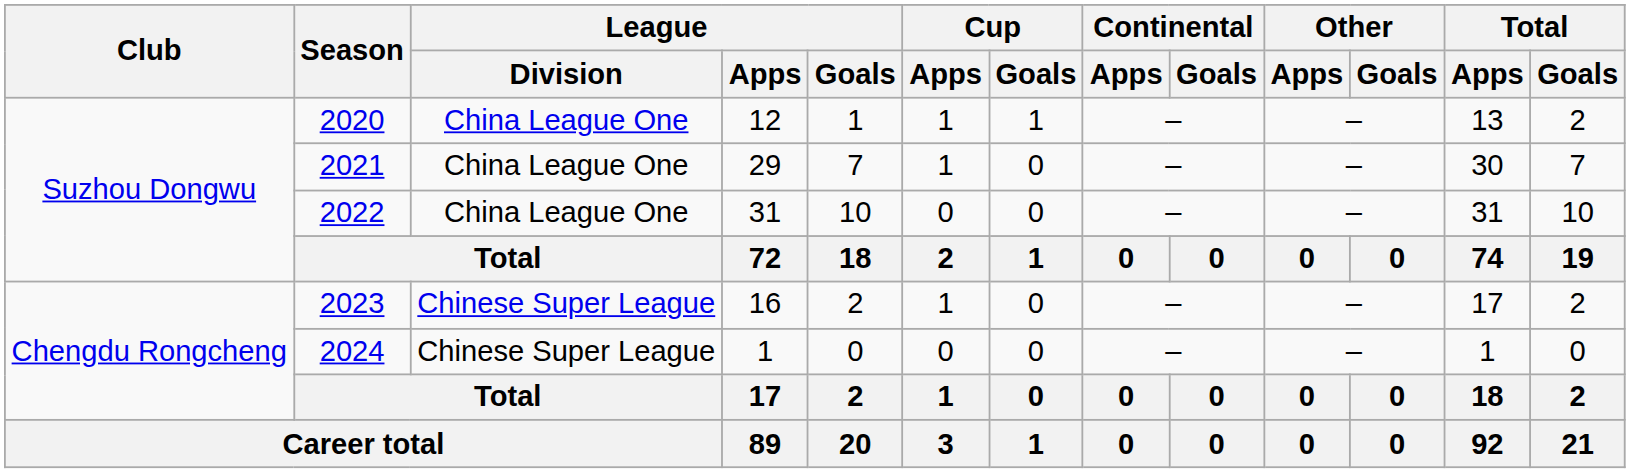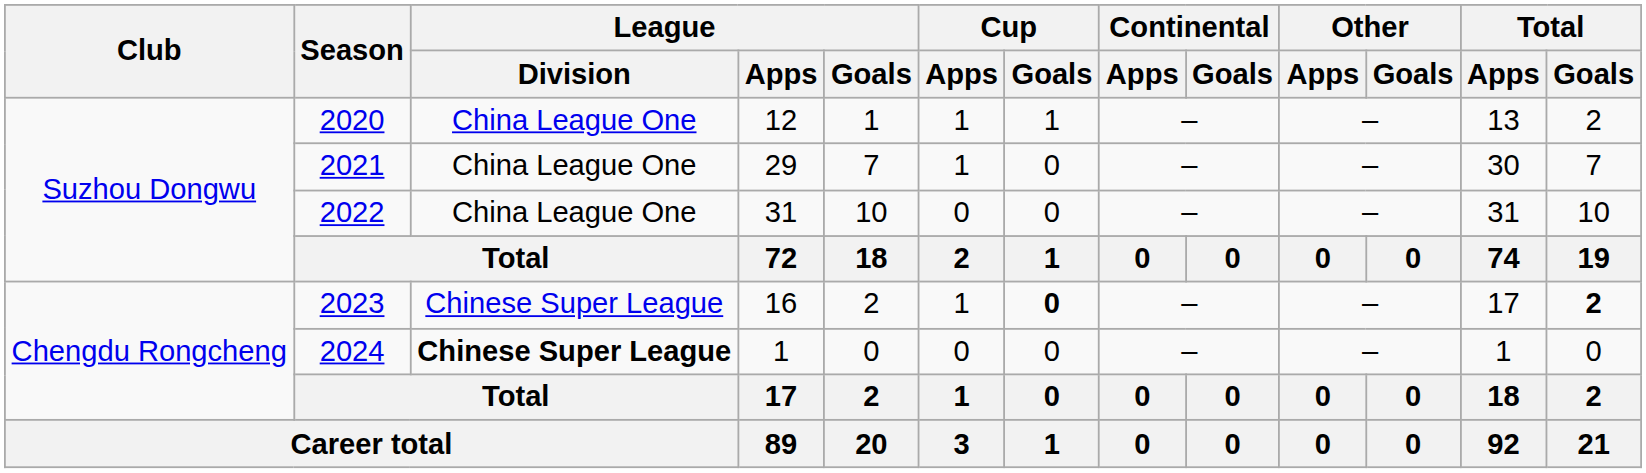 <table class="wikitable" style="text-align: center">
 <tr>
 <th rowspan="2">Club</th>
 <th rowspan="2">Season</th>
 <th colspan="3">League</th>
 <th colspan="2">Cup</th>
 <th colspan="2">Continental</th>
 <th colspan="2">Other</th>
 <th colspan="2">Total</th>
 </tr>
 <tr>
 <th>Division</th>
 <th>Apps</th>
 <th>Goals</th>
 <th>Apps</th>
 <th>Goals</th>
 <th>Apps</th>
 <th>Goals</th>
 <th>Apps</th>
 <th>Goals</th>
 <th>Apps</th>
 <th>Goals</th>
 </tr>
 <tr>
 <td rowspan="4"><a href='#'>Suzhou Dongwu</a></td>
 <td><a href='#'>2020</a></td>
 <td><a href='#'>China League One</a></td>
 <td>12</td>
 <td>1</td>
 <td>1</td>
 <td>1</td>
 <td colspan="2">–</td>
 <td colspan="2">–</td>
 <td>13</td>
 <td>2</td>
 </tr>
 <tr>
 <td><a href='#'>2021</a></td>
 <td>China League One</td>
 <td>29</td>
 <td>7</td>
 <td>1</td>
 <td>0</td>
 <td colspan="2">–</td>
 <td colspan="2">–</td>
 <td>30</td>
 <td>7</td>
 </tr>
 <tr>
 <td><a href='#'>2022</a></td>
 <td>China League One</td>
 <td>31</td>
 <td>10</td>
 <td>0</td>
 <td>0</td>
 <td colspan="2">–</td>
 <td colspan="2">–</td>
 <td>31</td>
 <td>10</td>
 </tr>
 <tr>
 <th colspan=2>Total</th>
 <th>72</th>
 <th>18</th>
 <th>2</th>
 <th>1</th>
 <th>0</th>
 <th>0</th>
 <th>0</th>
 <th>0</th>
 <th>74</th>
 <th>19</th>
 </tr>
 <tr>
 <td rowspan="3"><a href='#'>Chengdu Rongcheng</a></td>
 <td><a href='#'>2023</a></td>
 <td><a href='#'>Chinese Super League</a></td>
 <td>16</td>
 <td>2</td>
 <td>1</td>
-<td>0</td>
+<td><strong>0</strong></td>
 <td colspan="2">–</td>
 <td colspan="2">–</td>
 <td>17</td>
-<td>2</td>
+<td><strong>2</strong></td>
 </tr>
 <tr>
 <td><a href='#'>2024</a></td>
-<td>Chinese Super League</td>
+<td><strong>Chinese Super League</strong></td>
 <td>1</td>
 <td>0</td>
 <td>0</td>
 <td>0</td>
 <td colspan="2">–</td>
 <td colspan="2">–</td>
 <td>1</td>
 <td>0</td>
 </tr>
 <tr>
 <th colspan=2>Total</th>
 <th>17</th>
 <th>2</th>
 <th>1</th>
 <th>0</th>
 <th>0</th>
 <th>0</th>
 <th>0</th>
 <th>0</th>
 <th>18</th>
 <th>2</th>
 </tr>
 <tr>
 <th colspan=3>Career total</th>
 <th>89</th>
 <th>20</th>
 <th>3</th>
 <th>1</th>
 <th>0</th>
 <th>0</th>
 <th>0</th>
 <th>0</th>
 <th>92</th>
 <th>21</th>
 </tr>
 </table>
